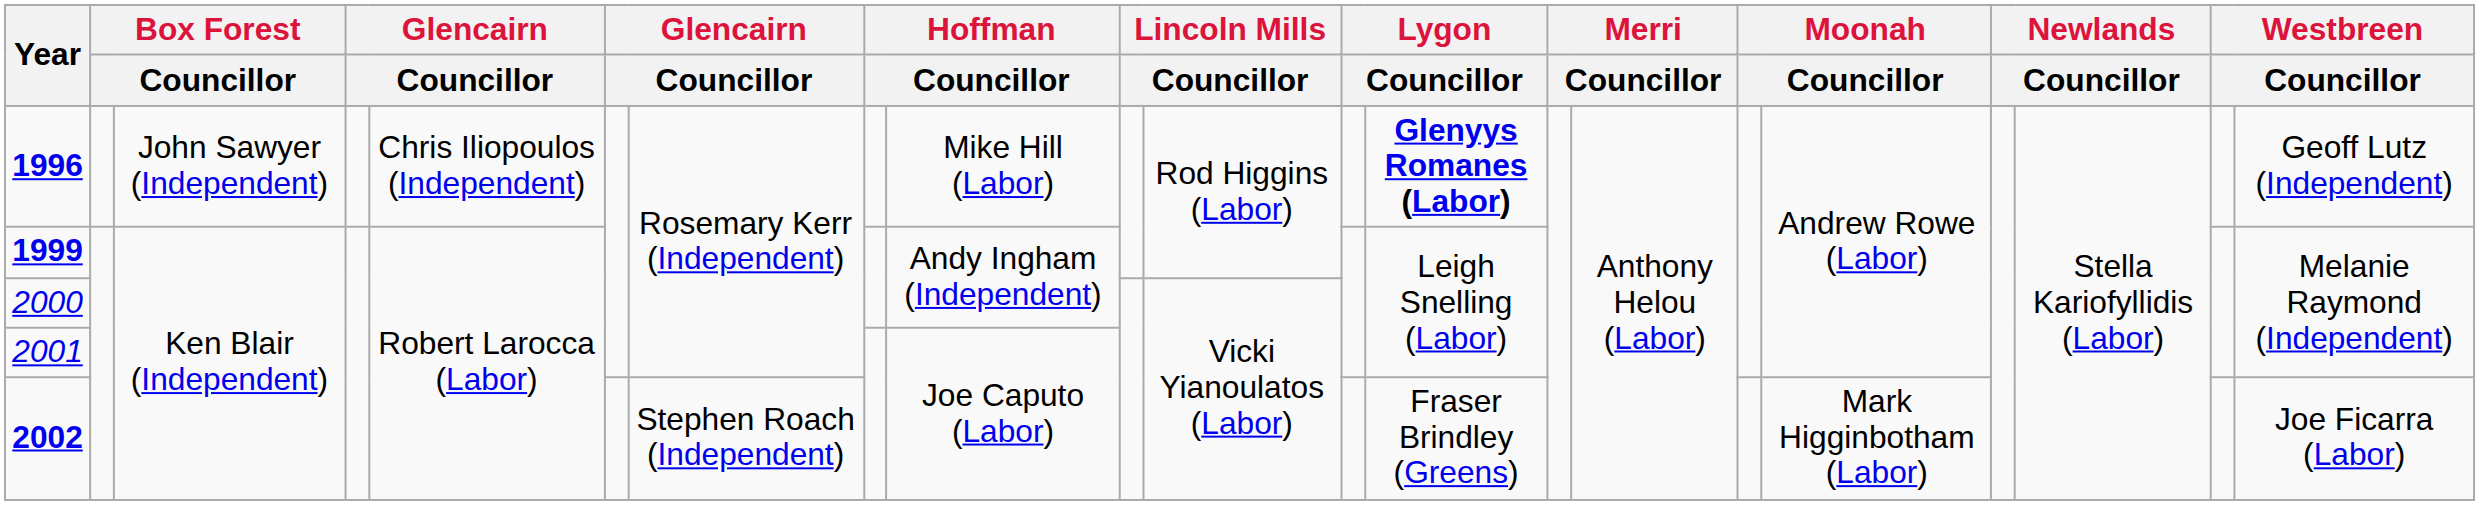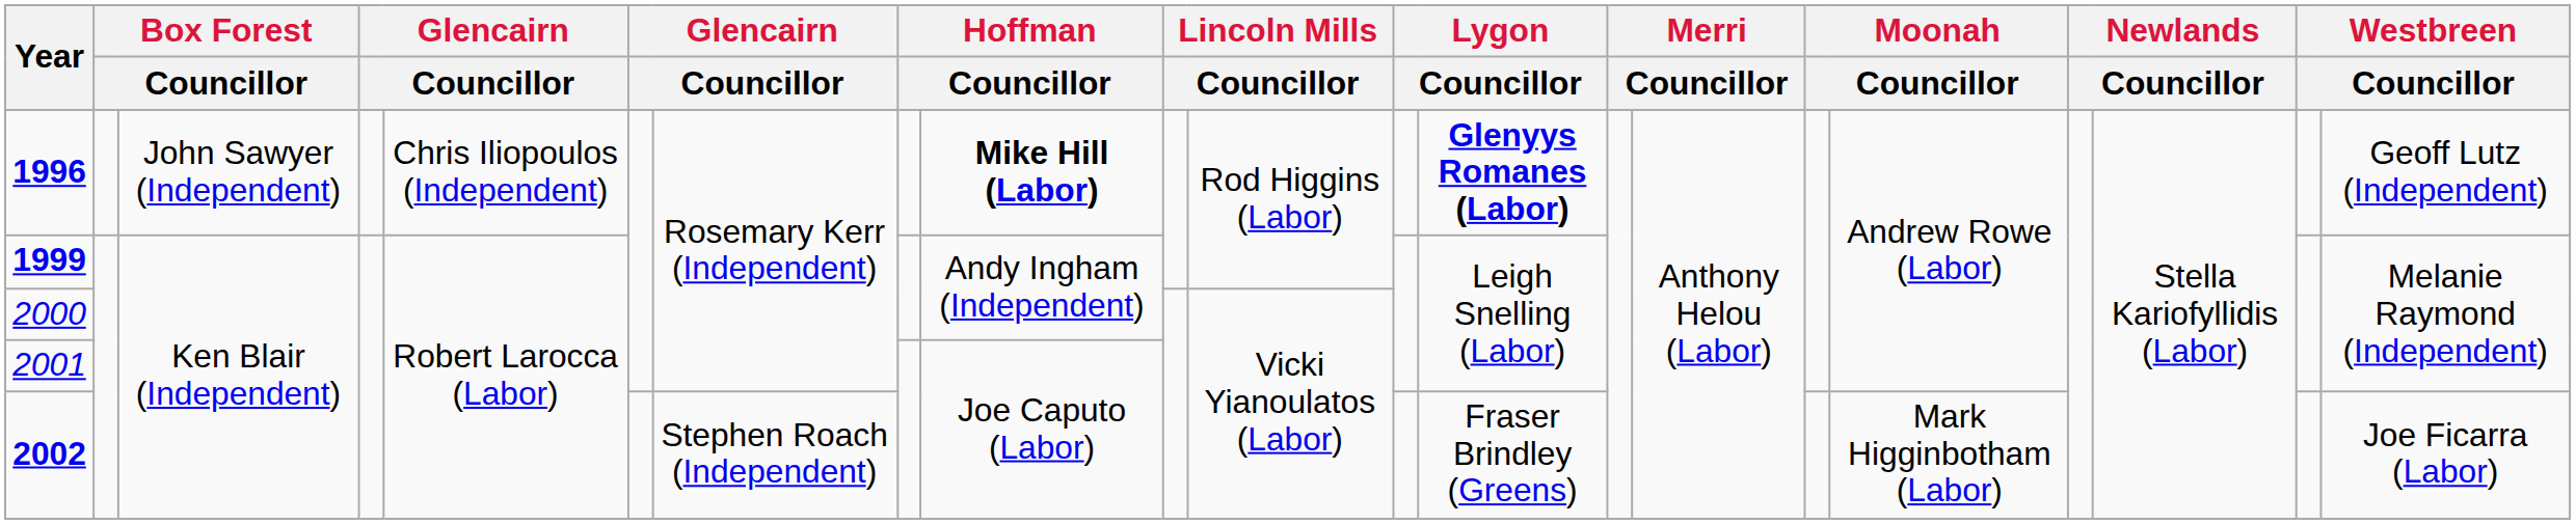 <table class="wikitable">
 <tr>
 <th rowspan="2">Year</th>
 <th style="color:crimson"; colspan="2">Box Forest</th>
 <th style="color:crimson"; colspan="2">Glencairn</th>
 <th style="color:crimson"; colspan="2">Glencairn</th>
 <th style="color:crimson"; colspan="2">Hoffman</th>
 <th style="color:crimson"; colspan="2">Lincoln Mills</th>
 <th style="color:crimson"; colspan="2">Lygon</th>
 <th style="color:crimson"; colspan="2">Merri</th>
 <th style="color:crimson"; colspan="2">Moonah</th>
 <th style="color:crimson"; colspan="2">Newlands</th>
 <th style="color:crimson"; colspan="2">Westbreen</th>
 </tr>
 <tr>
 <th colspan="2">Councillor</th>
 <th colspan="2">Councillor</th>
 <th colspan="2">Councillor</th>
 <th colspan="2">Councillor</th>
 <th colspan="2">Councillor</th>
 <th colspan="2">Councillor</th>
 <th colspan="2">Councillor</th>
 <th colspan="2">Councillor</th>
 <th colspan="2">Councillor</th>
 <th colspan="2">Councillor</th>
 </tr>
 <tr>
 <td><strong><a href='#'>1996</a></strong></td>
 <td rowspan="1" width="1px" > </td>
 <td rowspan="1"; align="center">John Sawyer (<a href='#'>Independent</a>)</td>
 <td rowspan="1" width="1px" > </td>
 <td rowspan="1"; align="center">Chris Iliopoulos (<a href='#'>Independent</a>)</td>
 <td rowspan="4" width="1px" > </td>
 <td rowspan="4"; align="center">Rosemary Kerr (<a href='#'>Independent</a>) <br></td>
 <td rowspan="1" width="1px" > </td>
-<td rowspan="1"; align="center">Mike Hill (<a href='#'>Labor</a>)</td>
+<td rowspan="1"; align="center"><strong>Mike Hill (<a href='#'>Labor</a>)</strong></td>
 <td rowspan="2" width="1px" > </td>
 <td rowspan="2"; align="center">Rod Higgins (<a href='#'>Labor</a>)</td>
 <td rowspan="1" width="1px" > </td>
 <td rowspan="1"; align="center"><strong><a href='#'>Glenyys Romanes</a> (<a href='#'>Labor</a>)</strong></td>
 <td rowspan="5" width="1px" > </td>
 <td rowspan="5"; align="center">Anthony Helou (<a href='#'>Labor</a>)</td>
 <td rowspan="4" width="1px" > </td>
 <td rowspan="4"; align="center">Andrew Rowe (<a href='#'>Labor</a>)</td>
 <td rowspan="5" width="1px" > </td>
 <td rowspan="5"; align="center">Stella Kariofyllidis (<a href='#'>Labor</a>)</td>
 <td rowspan="1" width="1px" > </td>
 <td rowspan="1"; align="center">Geoff Lutz (<a href='#'>Independent</a>)</td>
 </tr>
 <tr>
 <td><strong><a href='#'>1999</a></strong></td>
 <td rowspan="4" width="1px" > </td>
 <td rowspan="4"; align="center">Ken Blair (<a href='#'>Independent</a>)</td>
 <td rowspan="4" width="1px" > </td>
 <td rowspan="4"; align="center">Robert Larocca (<a href='#'>Labor</a>)</td>
 <td rowspan="2" width="1px" > </td>
 <td rowspan="2"; align="center">Andy Ingham (<a href='#'>Independent</a>)</td>
 <td rowspan="3" width="1px" > </td>
 <td rowspan="3"; align="center">Leigh Snelling (<a href='#'>Labor</a>)</td>
 <td rowspan="3" width="1px" > </td>
 <td rowspan="3"; align="center">Melanie Raymond (<a href='#'>Independent</a>) <br></td>
 </tr>
 <tr>
 <td><em><a href='#'>2000</a></em></td>
 <td rowspan="3" width="1px" > </td>
 <td rowspan="3"; align="center">Vicki Yianoulatos (<a href='#'>Labor</a>)</td>
 </tr>
 <tr>
 <td><em><a href='#'>2001</a></em></td>
 <td rowspan="3" width="1px" > </td>
 <td rowspan="3"; align="center">Joe Caputo (<a href='#'>Labor</a>)</td>
 </tr>
 <tr>
 <td><strong><a href='#'>2002</a></strong></td>
 <td rowspan="1" width="1px" > </td>
 <td rowspan="1"; align="center">Stephen Roach (<a href='#'>Independent</a>)</td>
 <td rowspan="2" width="1px" > </td>
 <td rowspan="2"; align="center">Fraser Brindley (<a href='#'>Greens</a>)</td>
 <td rowspan="3" width="1px" > </td>
 <td rowspan="3"; align="center">Mark Higginbotham (<a href='#'>Labor</a>)</td>
 <td rowspan="3" width="1px" > </td>
 <td rowspan="3"; align="center">Joe Ficarra (<a href='#'>Labor</a>)</td>
 </tr>
 </table>
